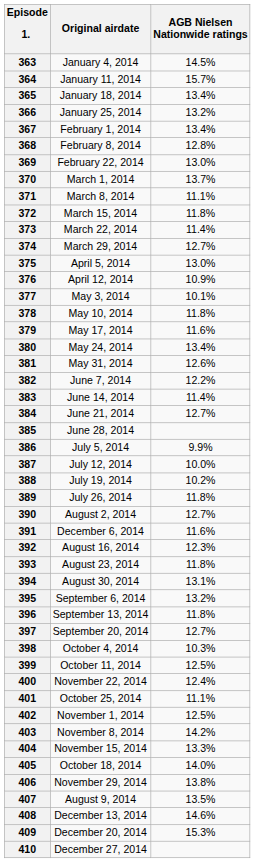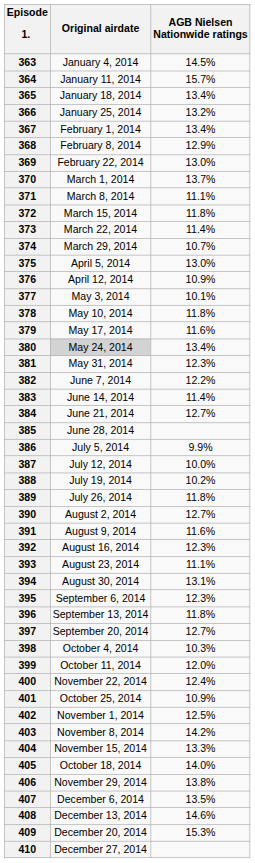 <table class=wikitable style="text-align:center">
 <tr>
 <th>Episode<br><ol><li></li></ol></th>
 <th>Original airdate</th>
 <th>AGB Nielsen<br>Nationwide ratings</th>
 </tr>
 <tr>
 <th>363</th>
 <td>January 4, 2014</td>
 <td>14.5%</td>
 </tr>
 <tr>
 <th>364</th>
 <td>January 11, 2014</td>
 <td>15.7%</td>
 </tr>
 <tr>
 <th>365</th>
 <td>January 18, 2014</td>
 <td>13.4%</td>
 </tr>
 <tr>
 <th>366</th>
 <td>January 25, 2014</td>
 <td>13.2%</td>
 </tr>
 <tr>
 <th>367</th>
 <td>February 1, 2014</td>
 <td>13.4%</td>
 </tr>
 <tr>
 <th>368</th>
 <td>February 8, 2014</td>
-<td>12.8%</td>
+<td>12.9%</td>
 </tr>
 <tr>
 <th>369</th>
 <td>February 22, 2014</td>
 <td>13.0%</td>
 </tr>
 <tr>
 <th>370</th>
 <td>March 1, 2014</td>
 <td>13.7%</td>
 </tr>
 <tr>
 <th>371</th>
 <td>March 8, 2014</td>
 <td>11.1%</td>
 </tr>
 <tr>
 <th>372</th>
 <td>March 15, 2014</td>
 <td>11.8%</td>
 </tr>
 <tr>
 <th>373</th>
 <td>March 22, 2014</td>
 <td>11.4%</td>
 </tr>
 <tr>
 <th>374</th>
 <td>March 29, 2014</td>
-<td>12.7%</td>
+<td>10.7%</td>
 </tr>
 <tr>
 <th>375</th>
 <td>April 5, 2014</td>
 <td>13.0%</td>
 </tr>
 <tr>
 <th>376</th>
 <td>April 12, 2014</td>
 <td>10.9%</td>
 </tr>
 <tr>
 <th>377</th>
 <td>May 3, 2014</td>
 <td>10.1%</td>
 </tr>
 <tr>
 <th>378</th>
 <td>May 10, 2014</td>
 <td>11.8%</td>
 </tr>
 <tr>
 <th>379</th>
 <td>May 17, 2014</td>
 <td>11.6%</td>
 </tr>
 <tr>
 <th>380</th>
-<td>May 24, 2014</td>
+<td style="background: lightgrey;">May 24, 2014</td>
 <td>13.4%</td>
 </tr>
 <tr>
 <th>381</th>
 <td>May 31, 2014</td>
-<td>12.6%</td>
+<td>12.3%</td>
 </tr>
 <tr>
 <th>382</th>
 <td>June 7, 2014</td>
 <td>12.2%</td>
 </tr>
 <tr>
 <th>383</th>
 <td>June 14, 2014</td>
 <td>11.4%</td>
 </tr>
 <tr>
 <th>384</th>
 <td>June 21, 2014</td>
 <td>12.7%</td>
 </tr>
 <tr>
 <th>385</th>
 <td>June 28, 2014</td>
 <td></td>
 </tr>
 <tr>
 <th>386</th>
 <td>July 5, 2014</td>
 <td>9.9%</td>
 </tr>
 <tr>
 <th>387</th>
 <td>July 12, 2014</td>
 <td>10.0%</td>
 </tr>
 <tr>
 <th>388</th>
 <td>July 19, 2014</td>
 <td>10.2%</td>
 </tr>
 <tr>
 <th>389</th>
 <td>July 26, 2014</td>
 <td>11.8%</td>
 </tr>
 <tr>
 <th>390</th>
 <td>August 2, 2014</td>
 <td>12.7%</td>
 </tr>
 <tr>
 <th>391</th>
-<td>December 6, 2014</td>
+<td>August 9, 2014</td>
 <td>11.6%</td>
 </tr>
 <tr>
 <th>392</th>
 <td>August 16, 2014</td>
 <td>12.3%</td>
 </tr>
 <tr>
 <th>393</th>
 <td>August 23, 2014</td>
-<td>11.8%</td>
+<td>11.1%</td>
 </tr>
 <tr>
 <th>394</th>
 <td>August 30, 2014</td>
 <td>13.1%</td>
 </tr>
 <tr>
 <th>395</th>
 <td>September 6, 2014</td>
-<td>13.2%</td>
+<td>12.3%</td>
 </tr>
 <tr>
 <th>396</th>
 <td>September 13, 2014</td>
 <td>11.8%</td>
 </tr>
 <tr>
 <th>397</th>
 <td>September 20, 2014</td>
 <td>12.7%</td>
 </tr>
 <tr>
 <th>398</th>
 <td>October 4, 2014</td>
 <td>10.3%</td>
 </tr>
 <tr>
 <th>399</th>
 <td>October 11, 2014</td>
-<td>12.5%</td>
+<td>12.0%</td>
 </tr>
 <tr>
 <th>400</th>
 <td>November 22, 2014</td>
 <td>12.4%</td>
 </tr>
 <tr>
 <th>401</th>
 <td>October 25, 2014</td>
-<td>11.1%</td>
+<td>10.9%</td>
 </tr>
 <tr>
 <th>402</th>
 <td>November 1, 2014</td>
 <td>12.5%</td>
 </tr>
 <tr>
 <th>403</th>
 <td>November 8, 2014</td>
 <td>14.2%</td>
 </tr>
 <tr>
 <th>404</th>
 <td>November 15, 2014</td>
 <td>13.3%</td>
 </tr>
 <tr>
 <th>405</th>
 <td>October 18, 2014</td>
 <td>14.0%</td>
 </tr>
 <tr>
 <th>406</th>
 <td>November 29, 2014</td>
 <td>13.8%</td>
 </tr>
 <tr>
 <th>407</th>
-<td>August 9, 2014</td>
+<td>December 6, 2014</td>
 <td>13.5%</td>
 </tr>
 <tr>
 <th>408</th>
 <td>December 13, 2014</td>
 <td>14.6%</td>
 </tr>
 <tr>
 <th>409</th>
 <td>December 20, 2014</td>
 <td>15.3%</td>
 </tr>
 <tr>
 <th>410</th>
 <td>December 27, 2014</td>
 <td></td>
 </tr>
 </table>
